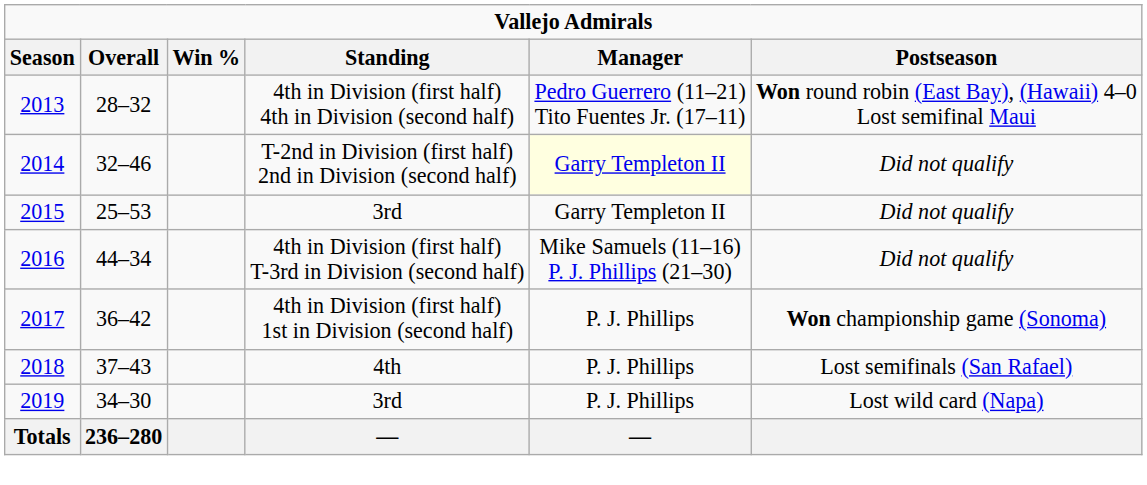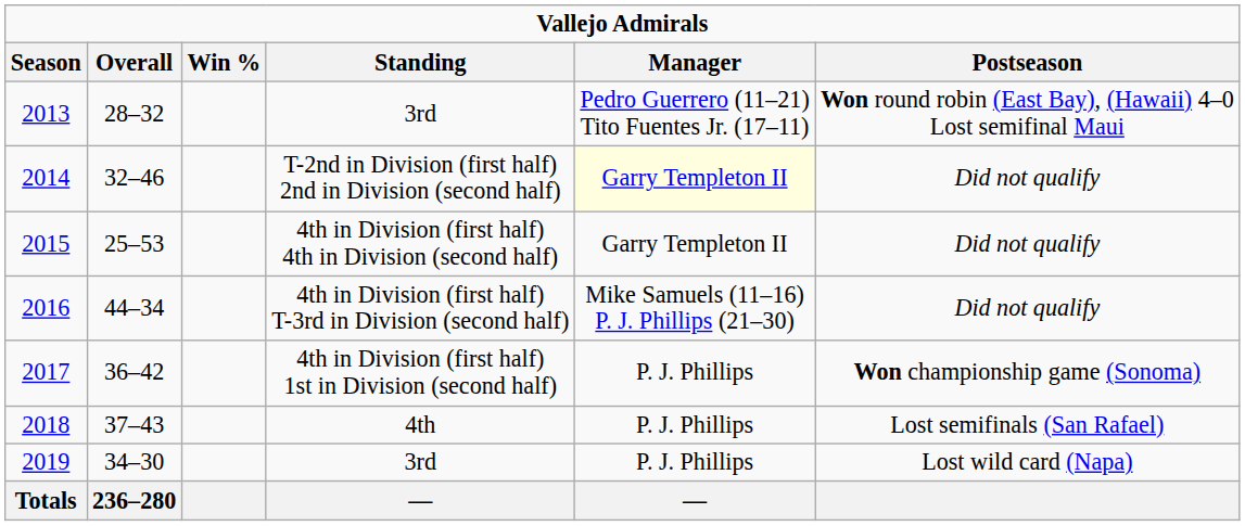 <table class="wikitable" style="text-align:center">
 <tr>
 <td colspan="7"><strong>Vallejo Admirals</strong></td>
 </tr>
 <tr>
 <th>Season</th>
 <th>Overall</th>
 <th>Win %</th>
 <th>Standing</th>
 <th>Manager</th>
 <th>Postseason</th>
 </tr>
 <tr>
 <td><a href='#'>2013</a></td>
 <td>28–32</td>
 <td></td>
-<td>4th in Division (first half)<br>4th in Division (second half)</td>
+<td>3rd</td>
 <td><a href='#'>Pedro Guerrero</a> (11–21)<br> Tito Fuentes Jr. (17–11)</td>
 <td><strong>Won</strong> round robin <a href='#'>(East Bay)</a>, <a href='#'>(Hawaii)</a> 4–0 <br> Lost semifinal <a href='#'>Maui</a></td>
 </tr>
 <tr>
 <td><a href='#'>2014</a></td>
 <td>32–46</td>
 <td></td>
 <td>T-2nd in Division (first half)<br>2nd in Division (second half)</td>
 <td style="background: lightyellow;"><a href='#'>Garry Templeton II</a></td>
 <td><em>Did not qualify</em></td>
 </tr>
 <tr>
 <td><a href='#'>2015</a></td>
 <td>25–53</td>
 <td></td>
-<td>3rd</td>
+<td>4th in Division (first half)<br>4th in Division (second half)</td>
 <td>Garry Templeton II</td>
 <td><em>Did not qualify</em></td>
 </tr>
 <tr>
 <td><a href='#'>2016</a></td>
 <td>44–34</td>
 <td></td>
 <td>4th in Division (first half)<br>T-3rd in Division (second half)</td>
 <td>Mike Samuels (11–16)<br> <a href='#'>P. J. Phillips</a> (21–30)</td>
 <td><em>Did not qualify</em></td>
 </tr>
 <tr>
 <td><a href='#'>2017</a></td>
 <td>36–42</td>
 <td></td>
 <td>4th in Division (first half)<br>1st in Division (second half)</td>
 <td>P. J. Phillips</td>
 <td><strong>Won</strong> championship game <a href='#'>(Sonoma)</a></td>
 </tr>
 <tr>
 <td><a href='#'>2018</a></td>
 <td>37–43</td>
 <td></td>
 <td>4th</td>
 <td>P. J. Phillips</td>
 <td>Lost semifinals <a href='#'>(San Rafael)</a></td>
 </tr>
 <tr>
 <td><a href='#'>2019</a></td>
 <td>34–30</td>
 <td></td>
 <td>3rd</td>
 <td>P. J. Phillips</td>
 <td>Lost wild card <a href='#'>(Napa)</a></td>
 </tr>
 <tr align="center">
 <th colspan="1">Totals</th>
 <th>236–280</th>
 <th></th>
 <th>—</th>
 <th>—</th>
 <th></th>
 </tr>
 </table>
